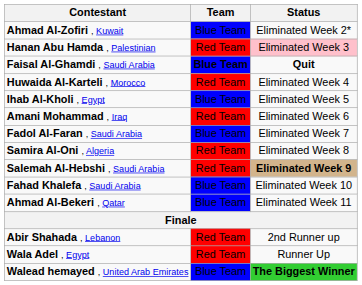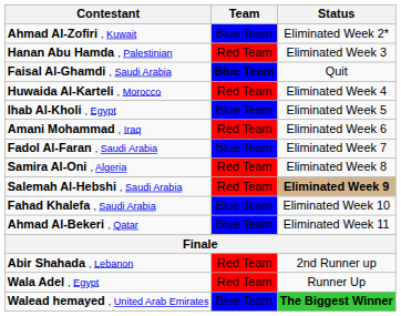 <table class="wikitable" align="center" style="text-align:center">
 <tr>
 <th>Contestant</th>
 <th>Team</th>
 <th>Status</th>
 </tr>
 <tr>
 <td align="left"><strong>Ahmad Al-Zofiri</strong> <small>, <a href='#'>Kuwait</a> </small></td>
 <td bgcolor="blue"><span>Blue Team</span></td>
 <td>Eliminated Week 2*</td>
 </tr>
 <tr>
 <td align="left"><strong>Hanan Abu Hamda</strong> <small>, <a href='#'>Palestinian</a> </small></td>
 <td bgcolor="red"><span>Red Team</span></td>
-<td style="background: pink;">Eliminated Week 3</td>
+<td>Eliminated Week 3</td>
 </tr>
 <tr>
 <td align="left"><strong>Faisal Al-Ghamdi</strong> <small>, <a href='#'>Saudi Arabia</a></small></td>
 <td bgcolor="blue"><strong><span>Blue Team</span></strong></td>
-<td><strong>Quit</strong></td>
+<td>Quit</td>
 </tr>
 <tr>
 <td align="left"><strong>Huwaida Al-Karteli</strong> <small>, <a href='#'>Morocco</a></small></td>
 <td bgcolor="red"><span>Red Team</span></td>
 <td>Eliminated Week 4</td>
 </tr>
 <tr>
 <td align="left"><strong>Ihab Al-Kholi</strong> <small>, <a href='#'>Egypt</a></small></td>
 <td bgcolor="blue"><span>Blue Team</span></td>
 <td>Eliminated Week 5</td>
 </tr>
 <tr>
 <td align="left"><strong>Amani Mohammad</strong> <small>, <a href='#'>Iraq</a></small></td>
 <td bgcolor="red"><span>Red Team</span></td>
 <td>Eliminated Week 6</td>
 </tr>
 <tr>
 <td align="left"><strong>Fadol Al-Faran</strong> <small>, <a href='#'>Saudi Arabia</a></small></td>
 <td bgcolor="blue"><span>Blue Team</span></td>
 <td>Eliminated Week 7</td>
 </tr>
 <tr>
 <td align="left"><strong>Samira Al-Oni</strong> <small>, <a href='#'>Algeria</a></small></td>
 <td bgcolor="red"><span>Red Team</span></td>
 <td>Eliminated Week 8</td>
 </tr>
 <tr>
 <td align="left"><strong>Salemah Al-Hebshi</strong> <small>,  <a href='#'>Saudi Arabia</a></small></td>
 <td bgcolor="red"><span>Red Team</span></td>
 <td bgcolor="tan"><span><strong>Eliminated Week 9</strong></span></td>
 </tr>
 <tr>
 <td align="left"><strong>Fahad Khalefa</strong> <small>, <a href='#'>Saudi Arabia</a></small></td>
 <td bgcolor="blue"><span>Blue Team</span></td>
 <td>Eliminated Week 10</td>
 </tr>
 <tr>
 <td align="left"><strong>Ahmad Al-Bekeri</strong> <small>, <a href='#'>Qatar</a></small></td>
 <td bgcolor="blue"><span>Blue Team</span></td>
 <td>Eliminated Week 11</td>
 </tr>
 <tr>
 <th colspan=3>Finale</th>
 </tr>
 <tr>
 <td align="left"><strong>Abir Shahada</strong> <small>, <a href='#'>Lebanon</a></small></td>
 <td bgcolor="red"><span>Red Team</span></td>
 <td>2nd Runner up</td>
 </tr>
 <tr>
 <td align="left"><strong>Wala Adel</strong> <small>, <a href='#'>Egypt</a></small></td>
 <td bgcolor="red"><span>Red Team</span></td>
 <td>Runner Up</td>
 </tr>
 <tr>
 <td align="left"><strong>Walead hemayed</strong> <small>, <a href='#'>United Arab Emirates</a></small></td>
 <td bgcolor="blue"><span>Blue Team</span></td>
 <td bgcolor="limegreen"><span><strong>The Biggest Winner</strong></span></td>
 </tr>
 </table>
